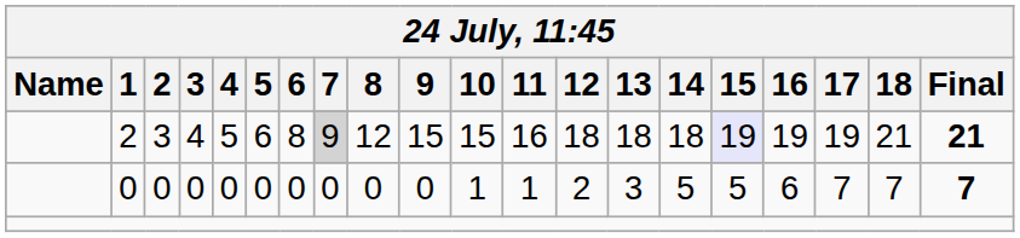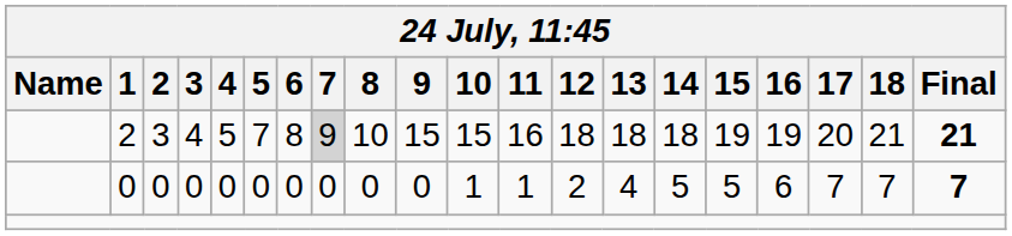 <table class=wikitable style="text-align:center; width: 55%">
 <tr>
 <th colspan=20><em>24 July, 11:45</em></th>
 </tr>
 <tr>
 <th>Name</th>
 <th>1</th>
 <th>2</th>
 <th>3</th>
 <th>4</th>
 <th>5</th>
 <th>6</th>
 <th>7</th>
 <th>8</th>
 <th>9</th>
 <th>10</th>
 <th>11</th>
 <th>12</th>
 <th>13</th>
 <th>14</th>
 <th>15</th>
 <th>16</th>
 <th>17</th>
 <th>18</th>
 <th>Final</th>
 </tr>
 <tr>
 <td align=left><strong></strong></td>
 <td>2</td>
 <td>3</td>
 <td>4</td>
 <td>5</td>
-<td>6</td>
+<td>7</td>
 <td>8</td>
 <td style="background: lightgrey;">9</td>
-<td>12</td>
+<td>10</td>
 <td>15</td>
 <td>15</td>
 <td>16</td>
 <td>18</td>
 <td>18</td>
 <td>18</td>
-<td style="background: lavender;">19</td>
 <td>19</td>
 <td>19</td>
+<td>20</td>
 <td>21</td>
 <td><strong>21</strong></td>
 </tr>
 <tr>
 <td align=left></td>
 <td>0</td>
 <td>0</td>
 <td>0</td>
 <td>0</td>
 <td>0</td>
 <td>0</td>
 <td>0</td>
 <td>0</td>
 <td>0</td>
 <td>1</td>
 <td>1</td>
 <td>2</td>
-<td>3</td>
+<td>4</td>
 <td>5</td>
 <td>5</td>
 <td>6</td>
 <td>7</td>
 <td>7</td>
 <td><strong>7</strong></td>
 </tr>
 <tr>
 <td colspan=20></td>
 </tr>
 </table>
